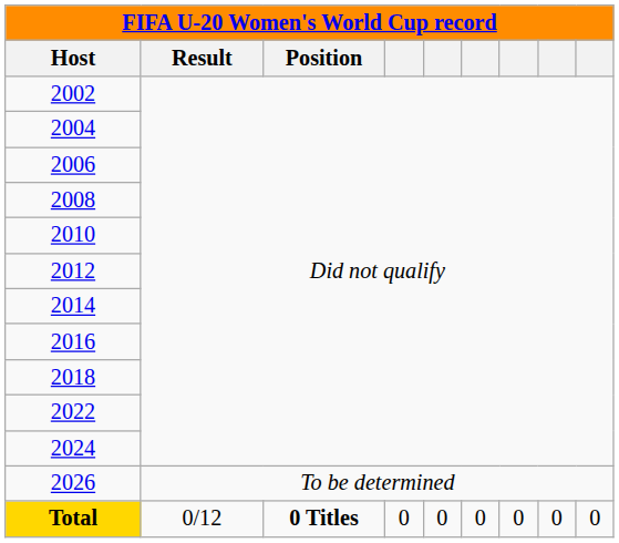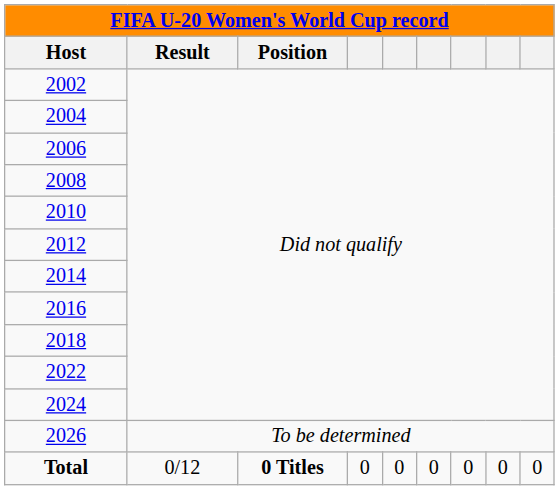 <table class="wikitable collapsible" style="text-align: center;">
 <tr>
 <th colspan=9 style="background: #FF8C00; color: #0000FF;"><a href='#'>FIFA U-20 Women's World Cup record</a></th>
 </tr>
 <tr>
 <th width="90">Host</th>
 <th width="80">Result</th>
 <th width="80">Position</th>
 <th width="20"></th>
 <th width="20"></th>
 <th width="20"></th>
 <th width="20"></th>
 <th width="20"></th>
 <th width="20"></th>
 </tr>
 <tr>
 <td> <a href='#'>2002</a></td>
 <td rowspan=11 colspan=9><em>Did not qualify</em></td>
 </tr>
 <tr>
 <td> <a href='#'>2004</a></td>
 </tr>
 <tr>
 <td> <a href='#'>2006</a></td>
 </tr>
 <tr>
 <td> <a href='#'>2008</a></td>
 </tr>
 <tr>
 <td> <a href='#'>2010</a></td>
 </tr>
 <tr>
 <td> <a href='#'>2012</a></td>
 </tr>
 <tr>
 <td> <a href='#'>2014</a></td>
 </tr>
 <tr>
 <td> <a href='#'>2016</a></td>
 </tr>
 <tr>
 <td> <a href='#'>2018</a></td>
 </tr>
 <tr>
 <td> <a href='#'>2022</a></td>
 </tr>
 <tr>
 <td> <a href='#'>2024</a></td>
 </tr>
 <tr>
 <td> <a href='#'>2026</a></td>
 <td colspan=10><em>To be determined</em></td>
 </tr>
 <tr>
-<td style="background: gold;"><strong>Total</strong></td>
+<td><strong>Total</strong></td>
 <td>0/12</td>
 <td><strong>0 Titles</strong></td>
 <td>0</td>
 <td>0</td>
 <td>0</td>
 <td>0</td>
 <td>0</td>
 <td>0</td>
 </tr>
 </table>
